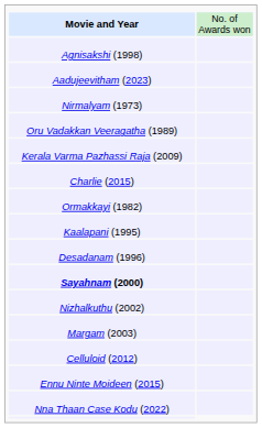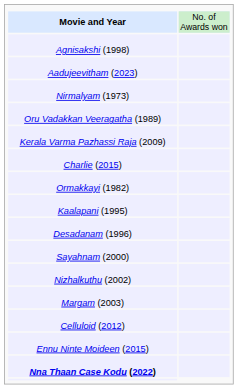 <table class="infobox" style="width: 25em; text-align: center; font-size: 70%; vertical-align: middle;">
 <tr>
 <td colspan="3" style="text-align:center;"></td>
 </tr>
 <tr style="background:#d9e8ff; text-align:center;">
 <th style="vertical-align: middle;">Movie and Year</th>
 <td style="background:#cec; font-size:8pt; width:60px;">No. of Awards won</td>
 </tr>
 <tr style="background:#eef;">
 <td style="text-align:center;"><br><em><a href='#'>Agnisakshi</a></em> (1998)</td>
 <td></td>
 </tr>
 <tr style="background:#eef;">
 <td style="text-align:center;"><br><em><a href='#'>Aadujeevitham</a></em> (<a href='#'>2023</a>)</td>
 <td></td>
 </tr>
 <tr style="background:#eef;">
 <td style="text-align:center;"><br><em><a href='#'>Nirmalyam</a></em> (1973)</td>
 <td></td>
 </tr>
 <tr style="background:#eef;">
 <td style="text-align:center;"><br><em><a href='#'>Oru Vadakkan Veeragatha</a></em> (1989)</td>
 <td></td>
 </tr>
 <tr style="background:#eef;">
 <td style="text-align:center;"><br><em><a href='#'>Kerala Varma Pazhassi Raja</a></em> (2009)</td>
 <td></td>
 </tr>
 <tr style="background:#eef;">
 <td style="text-align:center;"><br><em><a href='#'>Charlie</a></em> (<a href='#'>2015</a>)</td>
 <td></td>
 </tr>
 <tr style="background:#eef;">
 <td style="text-align:center;"><br><em><a href='#'>Ormakkayi</a></em> (1982)</td>
 <td></td>
 </tr>
 <tr style="background:#eef;">
 <td style="text-align:center;"><br><em><a href='#'>Kaalapani</a></em> (1995)</td>
 <td></td>
 </tr>
 <tr style="background:#eef;">
 <td style="text-align:center;"><br><em><a href='#'>Desadanam</a></em> (1996)</td>
 <td></td>
 </tr>
 <tr style="background:#eef;">
-<td style="text-align:center;"><strong><br><em><a href='#'>Sayahnam</a></em> (2000)</strong></td>
+<td style="text-align:center;"><br><em><a href='#'>Sayahnam</a></em> (2000)</td>
 <td></td>
 </tr>
 <tr style="background:#eef;">
 <td style="text-align:center;"><br><em><a href='#'>Nizhalkuthu</a></em> (2002)</td>
 <td></td>
 </tr>
 <tr style="background:#eef;">
 <td style="text-align:center;"><br><em><a href='#'>Margam</a></em> (2003)</td>
 <td></td>
 </tr>
 <tr style="background:#eef;">
 <td style="text-align:center;"><br><em><a href='#'>Celluloid</a></em> (<a href='#'>2012</a>)</td>
 <td></td>
 </tr>
 <tr style="background:#eef;">
 <td style="text-align:center;"><br><em><a href='#'>Ennu Ninte Moideen</a></em> (<a href='#'>2015</a>)</td>
 <td></td>
 </tr>
 <tr style="background:#eef;">
-<td style="text-align:center;"><br><em><a href='#'>Nna Thaan Case Kodu</a></em> (<a href='#'>2022</a>)</td>
+<td style="text-align:center;"><strong><br><em><a href='#'>Nna Thaan Case Kodu</a></em> (<a href='#'>2022</a>)</strong></td>
 <td></td>
 </tr>
 <tr style="background:#eef;">
 <td style="text-align:center;"></td>
 </tr>
 </table>
